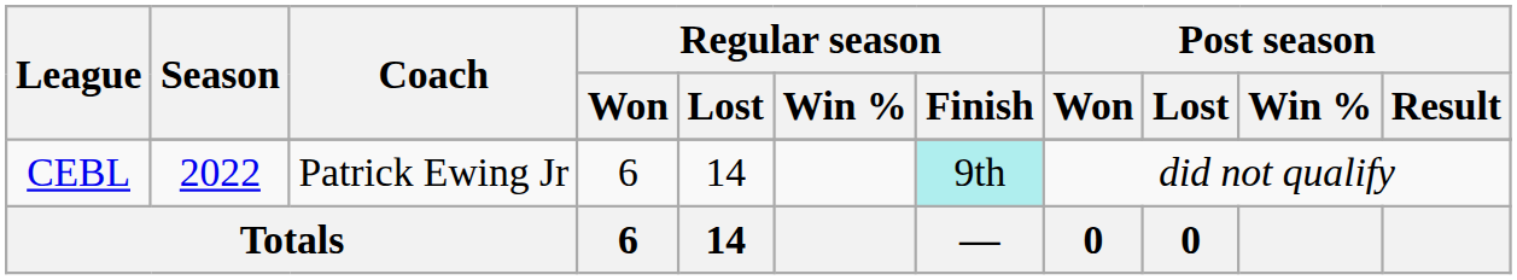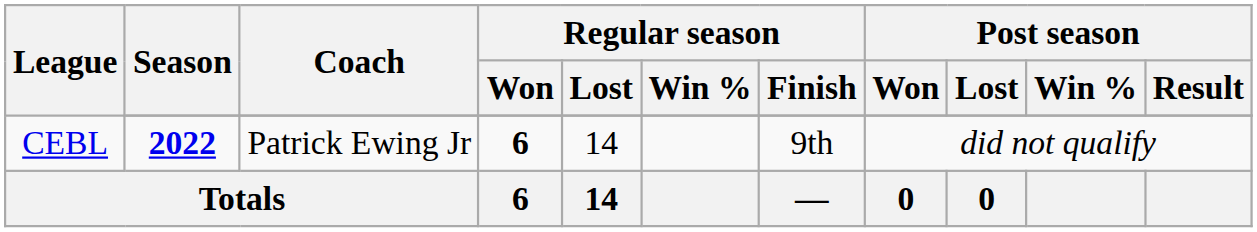 <table class="wikitable" style="font-size: 95%; text-align:center;">
 <tr>
 <th rowspan=2>League</th>
 <th rowspan="2">Season</th>
 <th rowspan="2">Coach</th>
 <th colspan="4">Regular season</th>
 <th colspan="4">Post season</th>
 </tr>
 <tr>
 <th>Won</th>
 <th>Lost</th>
 <th>Win %</th>
 <th>Finish</th>
 <th>Won</th>
 <th>Lost</th>
 <th>Win %</th>
 <th>Result</th>
 </tr>
 <tr>
 <td rowspan="2"><a href='#'>CEBL</a></td>
 </tr>
 <tr>
-<td><a href='#'>2022</a></td>
+<td><strong><a href='#'>2022</a></strong></td>
 <td>Patrick Ewing Jr</td>
-<td>6</td>
+<td><strong>6</strong></td>
 <td>14</td>
 <td></td>
-<td style="background: paleturquoise;">9th</td>
+<td>9th</td>
 <td colspan=4><em>did not qualify</em></td>
 </tr>
 <tr>
 <th colspan="3">Totals</th>
 <th>6</th>
 <th>14</th>
 <th></th>
 <th>—</th>
 <th>0</th>
 <th>0</th>
 <th></th>
 <th></th>
 </tr>
 </table>
